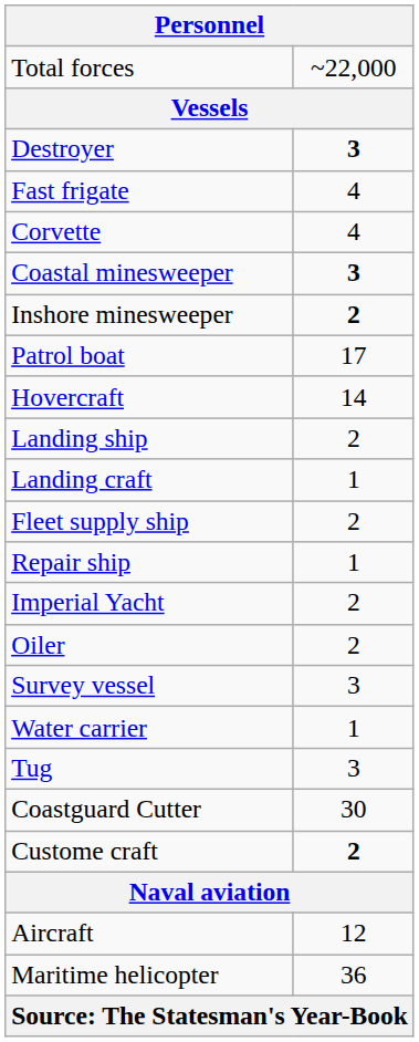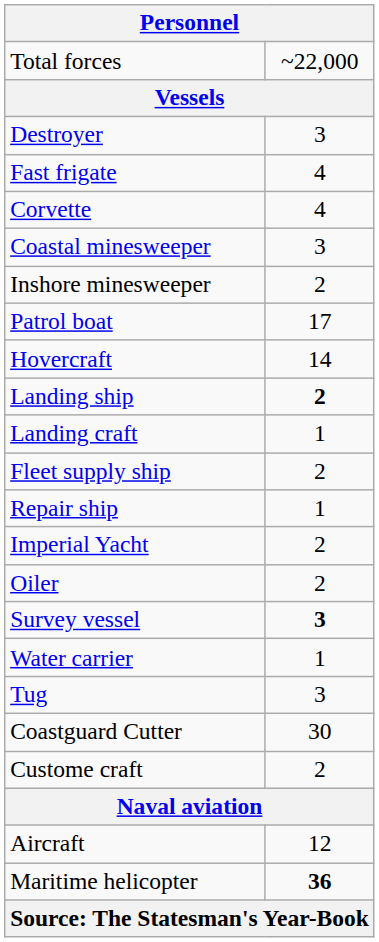 <table class=wikitable style=text-align:center>
 <tr>
 <th colspan=2><a href='#'>Personnel</a></th>
 </tr>
 <tr>
 <td align=left>Total forces</td>
 <td>~22,000</td>
 </tr>
 <tr>
 <th colspan=2><a href='#'>Vessels</a></th>
 </tr>
 <tr>
 <td align=left><a href='#'>Destroyer</a></td>
-<td><strong>3</strong></td>
+<td>3</td>
 </tr>
 <tr>
 <td align=left><a href='#'>Fast frigate</a></td>
 <td>4</td>
 </tr>
 <tr>
 <td align=left><a href='#'>Corvette</a></td>
 <td>4</td>
 </tr>
 <tr>
 <td align=left><a href='#'>Coastal minesweeper</a></td>
-<td><strong>3</strong></td>
+<td>3</td>
 </tr>
 <tr>
 <td align=left>Inshore minesweeper</td>
-<td><strong>2</strong></td>
+<td>2</td>
 </tr>
 <tr>
 <td align=left><a href='#'>Patrol boat</a></td>
 <td>17</td>
 </tr>
 <tr>
 <td align=left><a href='#'>Hovercraft</a></td>
 <td>14</td>
 </tr>
 <tr>
 <td align=left><a href='#'>Landing ship</a></td>
-<td>2</td>
+<td><strong>2</strong></td>
 </tr>
 <tr>
 <td align=left><a href='#'>Landing craft</a></td>
 <td>1</td>
 </tr>
 <tr>
 <td align=left><a href='#'>Fleet supply ship</a></td>
 <td>2</td>
 </tr>
 <tr>
 <td align=left><a href='#'>Repair ship</a></td>
 <td>1</td>
 </tr>
 <tr>
 <td align=left><a href='#'>Imperial Yacht</a></td>
 <td>2</td>
 </tr>
 <tr>
 <td align=left><a href='#'>Oiler</a></td>
 <td>2</td>
 </tr>
 <tr>
 <td align=left><a href='#'>Survey vessel</a></td>
-<td>3</td>
+<td><strong>3</strong></td>
 </tr>
 <tr>
 <td align=left><a href='#'>Water carrier</a></td>
 <td>1</td>
 </tr>
 <tr>
 <td align=left><a href='#'>Tug</a></td>
 <td>3</td>
 </tr>
 <tr>
 <td align=left>Coastguard Cutter</td>
 <td>30</td>
 </tr>
 <tr>
 <td align=left>Custome craft</td>
-<td><strong>2</strong></td>
+<td>2</td>
 </tr>
 <tr>
 <th colspan=2><a href='#'>Naval aviation</a></th>
 </tr>
 <tr>
 <td align=left>Aircraft</td>
 <td>12</td>
 </tr>
 <tr>
 <td align=left>Maritime helicopter</td>
-<td>36</td>
+<td><strong>36</strong></td>
 </tr>
 <tr>
 <th colspan=4 align=left>Source: The Statesman's Year-Book</th>
 </tr>
 </table>
